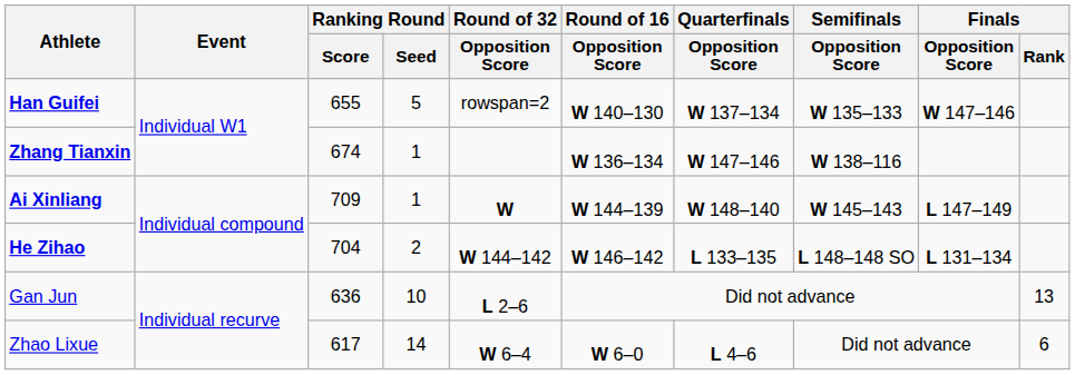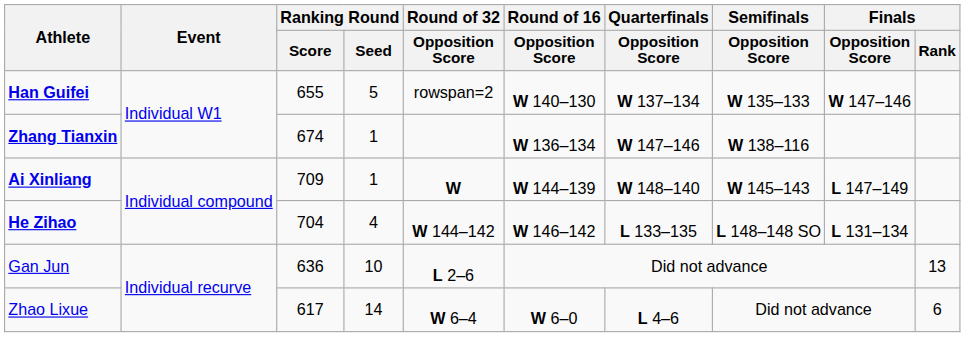 <table class="wikitable" style="text-align: center; font-size:90%">
 <tr>
 <th rowspan="2">Athlete</th>
 <th rowspan="2">Event</th>
 <th colspan="2">Ranking Round</th>
 <th>Round of 32</th>
 <th>Round of 16</th>
 <th>Quarterfinals</th>
 <th>Semifinals</th>
 <th colspan="2">Finals</th>
 </tr>
 <tr style="font-size:95%">
 <th>Score</th>
 <th>Seed</th>
 <th>Opposition<br>Score</th>
 <th>Opposition<br>Score</th>
 <th>Opposition<br>Score</th>
 <th>Opposition<br>Score</th>
 <th>Opposition<br>Score</th>
 <th>Rank</th>
 </tr>
 <tr>
 <td align=left><strong><a href='#'>Han Guifei</a></strong></td>
 <td align=left rowspan=2><a href='#'>Individual W1</a></td>
 <td>655</td>
 <td>5</td>
 <td>rowspan=2 </td>
 <td><br><strong>W</strong> 140–130</td>
 <td><br><strong>W</strong> 137–134</td>
 <td><br><strong>W</strong> 135–133</td>
 <td><br><strong>W</strong> 147–146</td>
 <td></td>
 </tr>
 <tr>
 <td align=left><strong><a href='#'>Zhang Tianxin</a></strong></td>
 <td>674</td>
 <td>1</td>
 <td></td>
 <td><br><strong>W</strong> 136–134</td>
 <td><br><strong>W</strong> 147–146</td>
 <td><br><strong>W</strong> 138–116</td>
 <td></td>
 </tr>
 <tr>
 <td align=left><strong><a href='#'>Ai Xinliang</a> </strong></td>
 <td align=left rowspan=2><a href='#'>Individual compound</a></td>
 <td>709</td>
 <td>1</td>
 <td><br><strong>W</strong> </td>
 <td><br><strong>W</strong> 144–139</td>
 <td><br><strong>W</strong> 148–140</td>
 <td><br><strong>W</strong> 145–143</td>
 <td><br><strong>L</strong> 147–149</td>
 <td></td>
 </tr>
 <tr>
 <td align=left><strong><a href='#'>He Zihao</a> </strong></td>
 <td>704</td>
-<td>2</td>
+<td>4</td>
 <td><br><strong>W</strong> 144–142</td>
 <td><br><strong>W</strong> 146–142</td>
 <td><br><strong>L</strong> 133–135</td>
 <td><br><strong>L</strong> 148–148 SO</td>
 <td><br><strong>L</strong> 131–134</td>
 <td></td>
 </tr>
 <tr>
 <td align=left><a href='#'>Gan Jun</a></td>
 <td align=left rowspan=2><a href='#'>Individual recurve</a></td>
 <td>636</td>
 <td>10</td>
 <td> <br><strong>L</strong> 2–6</td>
 <td colspan=4>Did not advance</td>
 <td>13</td>
 </tr>
 <tr>
 <td align=left><a href='#'>Zhao Lixue</a></td>
 <td>617</td>
 <td>14</td>
 <td><br><strong>W</strong> 6–4</td>
 <td><br><strong>W</strong> 6–0</td>
 <td> <br><strong>L</strong> 4–6</td>
 <td colspan=2>Did not advance</td>
 <td>6</td>
 </tr>
 </table>
